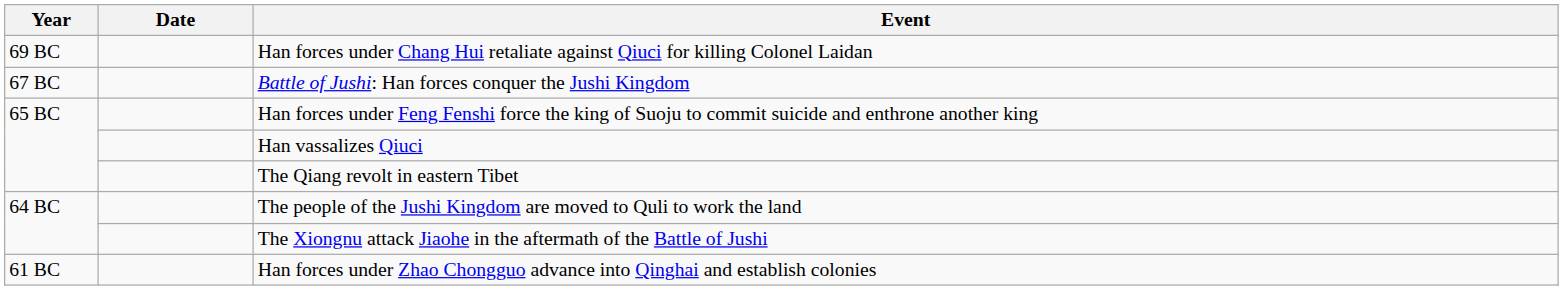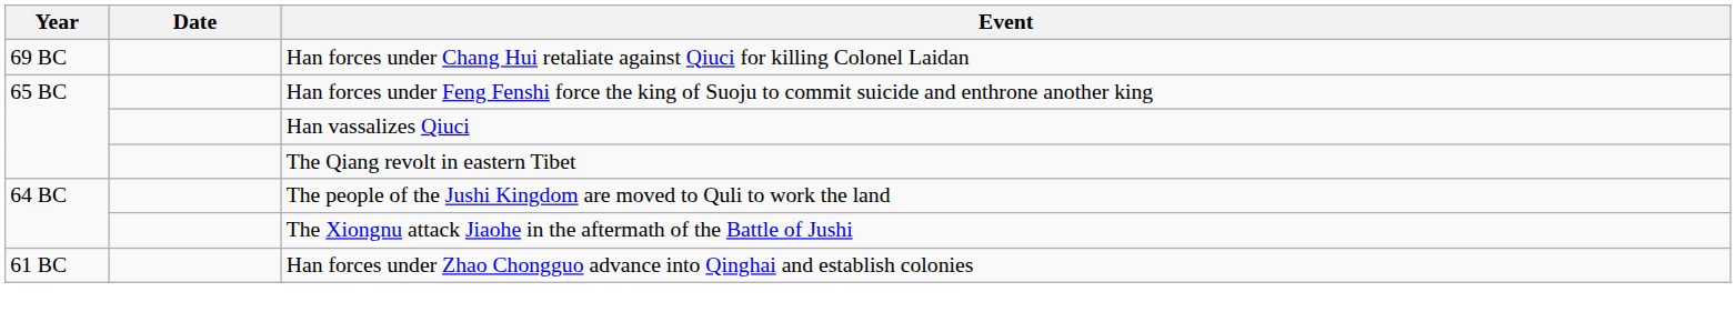 <table class="wikitable" style="width:100%;">
 <tr>
 <th style="width:6%">Year</th>
 <th style="width:10%">Date</th>
 <th>Event</th>
 </tr>
 <tr>
 <td>69 BC</td>
 <td></td>
 <td>Han forces under <a href='#'>Chang Hui</a> retaliate against <a href='#'>Qiuci</a> for killing Colonel Laidan</td>
-</tr>
-<tr>
-<td>67 BC</td>
-<td></td>
-<td><em><a href='#'>Battle of Jushi</a></em>: Han forces conquer the <a href='#'>Jushi Kingdom</a></td>
 </tr>
 <tr>
 <td rowspan="3" style="vertical-align:top;">65 BC</td>
 <td></td>
 <td>Han forces under <a href='#'>Feng Fenshi</a> force the king of Suoju to commit suicide and enthrone another king</td>
 </tr>
 <tr>
 <td></td>
 <td>Han vassalizes <a href='#'>Qiuci</a></td>
 </tr>
 <tr>
 <td></td>
 <td>The Qiang revolt in eastern Tibet</td>
 </tr>
 <tr>
 <td rowspan="2" style="vertical-align:top;">64 BC</td>
 <td></td>
 <td>The people of the <a href='#'>Jushi Kingdom</a> are moved to Quli to work the land</td>
 </tr>
 <tr>
 <td></td>
 <td>The <a href='#'>Xiongnu</a> attack <a href='#'>Jiaohe</a> in the aftermath of the <a href='#'>Battle of Jushi</a></td>
 </tr>
 <tr>
 <td>61 BC</td>
 <td></td>
 <td>Han forces under <a href='#'>Zhao Chongguo</a> advance into <a href='#'>Qinghai</a> and establish colonies</td>
 </tr>
 </table>
